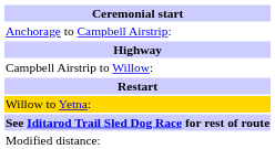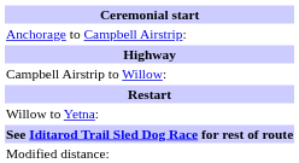 <table class="toccolours" style="float:right; margin:0 .4em; font-size:95%;">
 <tr>
 <th style="text-align:center; background:#ccf;">Ceremonial start</th>
 </tr>
 <tr>
 <td><a href='#'>Anchorage</a> to <a href='#'>Campbell Airstrip</a>: </td>
 </tr>
 <tr>
 <th style="text-align:center; background:#ccf;">Highway</th>
 </tr>
 <tr>
 <td>Campbell Airstrip to <a href='#'>Willow</a>: </td>
 </tr>
 <tr>
 <th style="text-align:center; background:#ccf;">Restart</th>
 </tr>
 <tr>
-<td style="background: gold;">Willow to <a href='#'>Yetna</a>: </td>
+<td>Willow to <a href='#'>Yetna</a>: </td>
 </tr>
 <tr>
 <th style="text-align:center; background:#ccf;">See <a href='#'>Iditarod Trail Sled Dog Race</a> for rest of route</th>
 </tr>
 <tr>
 <td>Modified distance: </td>
 </tr>
 </table>
